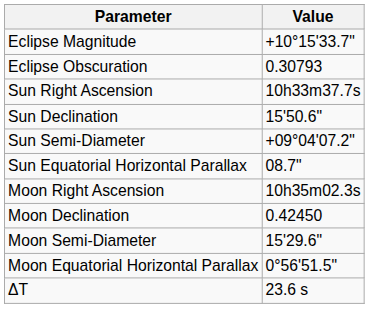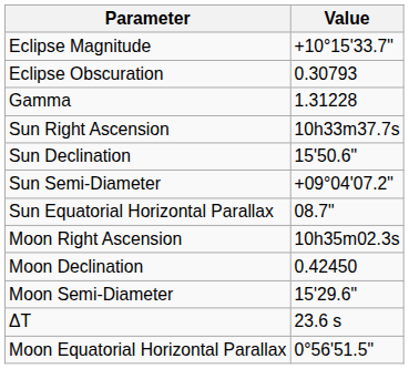 <table class="wikitable">
 <tr>
 <th>Parameter</th>
 <th>Value</th>
 </tr>
 <tr>
 <td>Eclipse Magnitude</td>
 <td>+10°15'33.7"</td>
 </tr>
 <tr>
 <td>Eclipse Obscuration</td>
 <td>0.30793</td>
+</tr>
+<tr>
+<td>Gamma</td>
+<td>1.31228</td>
 </tr>
 <tr>
 <td>Sun Right Ascension</td>
 <td>10h33m37.7s</td>
 </tr>
 <tr>
 <td>Sun Declination</td>
 <td>15'50.6"</td>
 </tr>
 <tr>
 <td>Sun Semi-Diameter</td>
 <td>+09°04'07.2"</td>
 </tr>
 <tr>
 <td>Sun Equatorial Horizontal Parallax</td>
 <td>08.7"</td>
 </tr>
 <tr>
 <td>Moon Right Ascension</td>
 <td>10h35m02.3s</td>
 </tr>
 <tr>
 <td>Moon Declination</td>
 <td>0.42450</td>
 </tr>
 <tr>
 <td>Moon Semi-Diameter</td>
 <td>15'29.6"</td>
 </tr>
 <tr>
+<td>ΔT</td>
+<td>23.6 s</td>
+</tr>
+<tr>
 <td>Moon Equatorial Horizontal Parallax</td>
 <td>0°56'51.5"</td>
 </tr>
-<tr>
-<td>ΔT</td>
-<td>23.6 s</td>
-</tr>
 </table>
